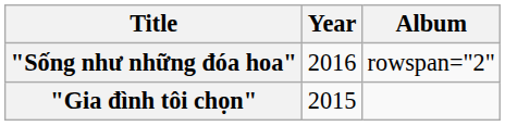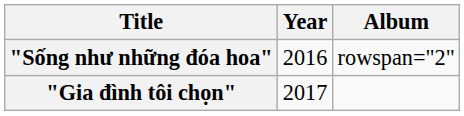 <table class="wikitable plainrowheaders" style="text-align:center">
 <tr>
 <th scope="col" rowspan="1">Title</th>
 <th scope="col" rowspan="1">Year</th>
 <th scope="col" rowspan="1">Album</th>
 </tr>
 <tr>
 <th scope="row">"Sống như những đóa hoa"<br></th>
 <td>2016</td>
 <td>rowspan="2" </td>
 </tr>
 <tr>
 <th scope="row">"Gia đình tôi chọn"<br></th>
-<td>2015</td>
+<td>2017</td>
 </tr>
 </table>
